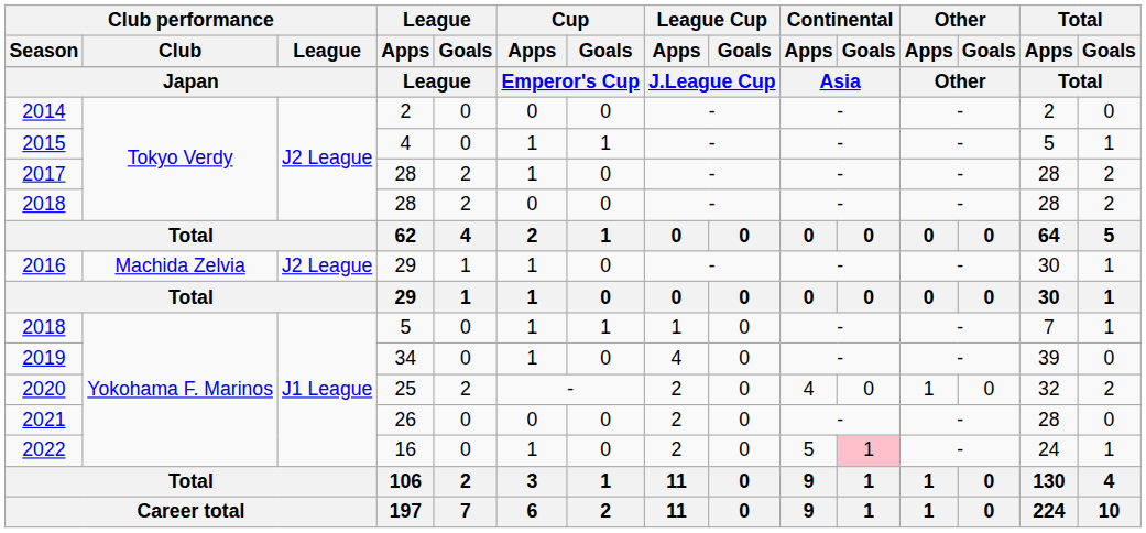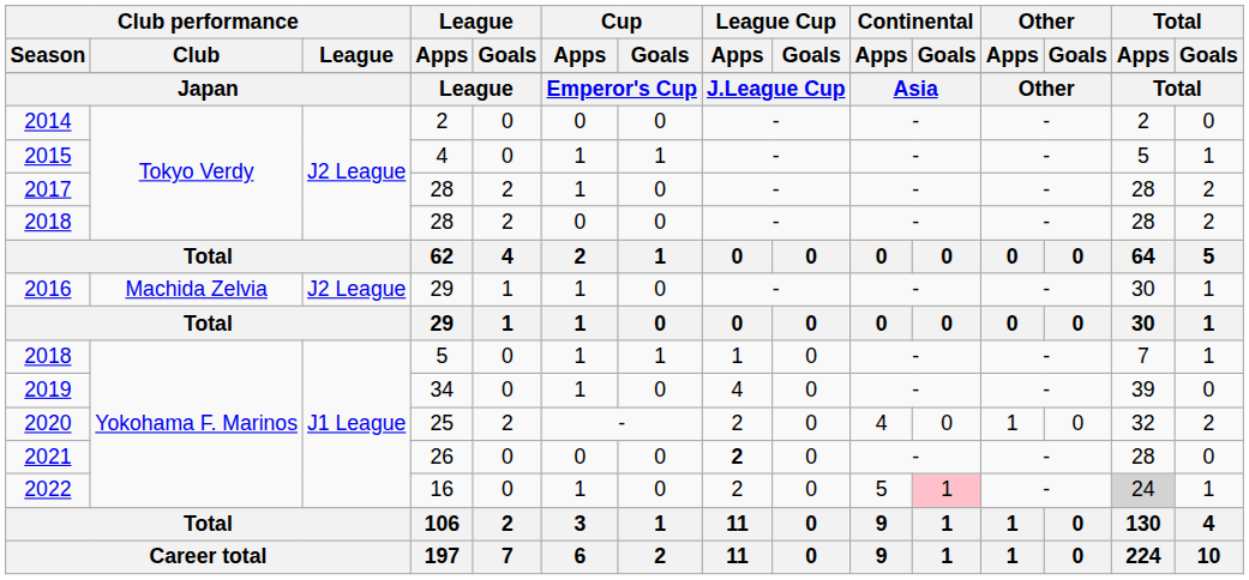 <table class="wikitable" style="text-align:center">
 <tr>
 <th colspan=3>Club performance</th>
 <th colspan=2>League</th>
 <th colspan=2>Cup</th>
 <th colspan=2>League Cup</th>
 <th colspan=2>Continental</th>
 <th colspan=2>Other</th>
 <th colspan=2>Total</th>
 </tr>
 <tr>
 <th>Season</th>
 <th>Club</th>
 <th>League</th>
 <th>Apps</th>
 <th>Goals</th>
 <th>Apps</th>
 <th>Goals</th>
 <th>Apps</th>
 <th>Goals</th>
 <th>Apps</th>
 <th>Goals</th>
 <th>Apps</th>
 <th>Goals</th>
 <th>Apps</th>
 <th>Goals</th>
 </tr>
 <tr>
 </tr>
 <tr>
 <th colspan=3>Japan</th>
 <th colspan=2>League</th>
 <th colspan=2><a href='#'>Emperor's Cup</a></th>
 <th colspan=2><a href='#'>J.League Cup</a></th>
 <th colspan=2><a href='#'>Asia</a></th>
 <th colspan=2>Other</th>
 <th colspan=2>Total</th>
 </tr>
 <tr>
 <td><a href='#'>2014</a></td>
 <td rowspan="4"><a href='#'>Tokyo Verdy</a></td>
 <td rowspan="4"><a href='#'>J2 League</a></td>
 <td>2</td>
 <td>0</td>
 <td>0</td>
 <td>0</td>
 <td colspan="2">-</td>
 <td colspan="2">-</td>
 <td colspan="2">-</td>
 <td>2</td>
 <td>0</td>
 </tr>
 <tr>
 <td><a href='#'>2015</a></td>
 <td>4</td>
 <td>0</td>
 <td>1</td>
 <td>1</td>
 <td colspan="2">-</td>
 <td colspan="2">-</td>
 <td colspan="2">-</td>
 <td>5</td>
 <td>1</td>
 </tr>
 <tr>
 <td><a href='#'>2017</a></td>
 <td>28</td>
 <td>2</td>
 <td>1</td>
 <td>0</td>
 <td colspan="2">-</td>
 <td colspan="2">-</td>
 <td colspan="2">-</td>
 <td>28</td>
 <td>2</td>
 </tr>
 <tr>
 <td><a href='#'>2018</a></td>
 <td>28</td>
 <td>2</td>
 <td>0</td>
 <td>0</td>
 <td colspan="2">-</td>
 <td colspan="2">-</td>
 <td colspan="2">-</td>
 <td>28</td>
 <td>2</td>
 </tr>
 <tr>
 <th colspan=3>Total</th>
 <th>62</th>
 <th>4</th>
 <th>2</th>
 <th>1</th>
 <th>0</th>
 <th>0</th>
 <th>0</th>
 <th>0</th>
 <th>0</th>
 <th>0</th>
 <th>64</th>
 <th>5</th>
 </tr>
 <tr>
 <td><a href='#'>2016</a></td>
 <td><a href='#'>Machida Zelvia</a></td>
 <td><a href='#'>J2 League</a></td>
 <td>29</td>
 <td>1</td>
 <td>1</td>
 <td>0</td>
 <td colspan="2">-</td>
 <td colspan="2">-</td>
 <td colspan="2">-</td>
 <td>30</td>
 <td>1</td>
 </tr>
 <tr>
 <th colspan=3>Total</th>
 <th>29</th>
 <th>1</th>
 <th>1</th>
 <th>0</th>
 <th>0</th>
 <th>0</th>
 <th>0</th>
 <th>0</th>
 <th>0</th>
 <th>0</th>
 <th>30</th>
 <th>1</th>
 </tr>
 <tr>
 <td><a href='#'>2018</a></td>
 <td rowspan=5><a href='#'>Yokohama F. Marinos</a></td>
 <td rowspan=5><a href='#'>J1 League</a></td>
 <td>5</td>
 <td>0</td>
 <td>1</td>
 <td>1</td>
 <td>1</td>
 <td>0</td>
 <td colspan="2">-</td>
 <td colspan="2">-</td>
 <td>7</td>
 <td>1</td>
 </tr>
 <tr>
 <td><a href='#'>2019</a></td>
 <td>34</td>
 <td>0</td>
 <td>1</td>
 <td>0</td>
 <td>4</td>
 <td>0</td>
 <td colspan="2">-</td>
 <td colspan="2">-</td>
 <td>39</td>
 <td>0</td>
 </tr>
 <tr>
 <td><a href='#'>2020</a></td>
 <td>25</td>
 <td>2</td>
 <td colspan="2">-</td>
 <td>2</td>
 <td>0</td>
 <td>4</td>
 <td>0</td>
 <td>1</td>
 <td>0</td>
 <td>32</td>
 <td>2</td>
 </tr>
 <tr>
 <td><a href='#'>2021</a></td>
 <td>26</td>
 <td>0</td>
 <td>0</td>
 <td>0</td>
-<td>2</td>
+<td><strong>2</strong></td>
 <td>0</td>
 <td colspan="2">-</td>
 <td colspan="2">-</td>
 <td>28</td>
 <td>0</td>
 </tr>
 <tr>
 <td><a href='#'>2022</a></td>
 <td>16</td>
 <td>0</td>
 <td>1</td>
 <td>0</td>
 <td>2</td>
 <td>0</td>
 <td>5</td>
 <td style="background: pink;">1</td>
 <td colspan="2">-</td>
-<td>24</td>
+<td style="background: lightgrey;">24</td>
 <td>1</td>
 </tr>
 <tr>
 <th colspan=3>Total</th>
 <th>106</th>
 <th>2</th>
 <th>3</th>
 <th>1</th>
 <th>11</th>
 <th>0</th>
 <th>9</th>
 <th>1</th>
 <th>1</th>
 <th>0</th>
 <th>130</th>
 <th>4</th>
 </tr>
 <tr>
 <th colspan=3>Career total</th>
 <th>197</th>
 <th>7</th>
 <th>6</th>
 <th>2</th>
 <th>11</th>
 <th>0</th>
 <th>9</th>
 <th>1</th>
 <th>1</th>
 <th>0</th>
 <th>224</th>
 <th>10</th>
 </tr>
 </table>
